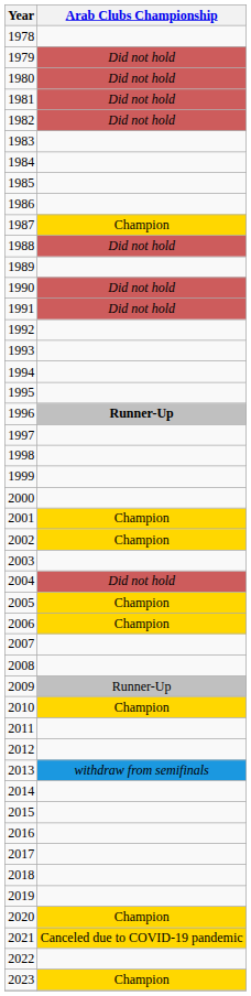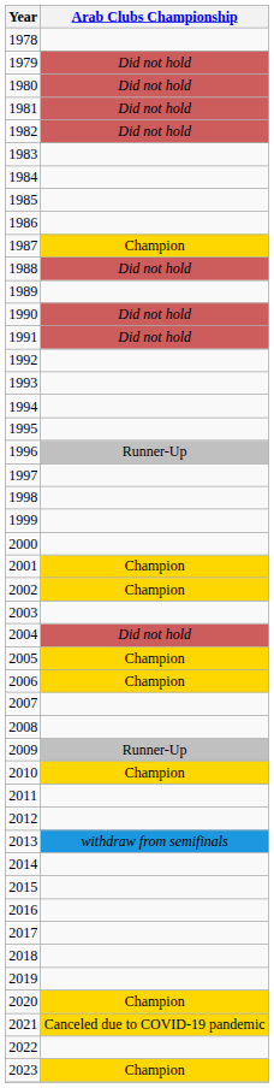 <table class="wikitable" style="text-align: center;">
 <tr>
 <th>Year</th>
 <th><a href='#'>Arab Clubs Championship</a></th>
 </tr>
 <tr>
 <td>1978</td>
 <td></td>
 </tr>
 <tr>
 <td>1979</td>
 <td bgcolor="#cd5c5c"><em>Did not hold</em></td>
 </tr>
 <tr>
 <td>1980</td>
 <td bgcolor="#cd5c5c"><em>Did not hold</em></td>
 </tr>
 <tr>
 <td>1981</td>
 <td bgcolor="#cd5c5c"><em>Did not hold</em></td>
 </tr>
 <tr>
 <td>1982</td>
 <td bgcolor="#cd5c5c"><em>Did not hold</em></td>
 </tr>
 <tr>
 <td>1983</td>
 <td></td>
 </tr>
 <tr>
 <td>1984</td>
 <td></td>
 </tr>
 <tr>
 <td>1985</td>
 <td></td>
 </tr>
 <tr>
 <td>1986</td>
 <td></td>
 </tr>
 <tr>
 <td>1987</td>
 <td bgcolor=gold>Champion</td>
 </tr>
 <tr>
 <td>1988</td>
 <td bgcolor="#cd5c5c"><em>Did not hold</em></td>
 </tr>
 <tr>
 <td>1989</td>
 <td></td>
 </tr>
 <tr>
 <td>1990</td>
 <td bgcolor="#cd5c5c"><em>Did not hold</em></td>
 </tr>
 <tr>
 <td>1991</td>
 <td bgcolor="#cd5c5c"><em>Did not hold</em></td>
 </tr>
 <tr>
 <td>1992</td>
 <td></td>
 </tr>
 <tr>
 <td>1993</td>
 <td></td>
 </tr>
 <tr>
 <td>1994</td>
 <td></td>
 </tr>
 <tr>
 <td>1995</td>
 <td></td>
 </tr>
 <tr>
 <td>1996</td>
-<td bgcolor=silver><strong>Runner-Up</strong></td>
+<td bgcolor=silver>Runner-Up</td>
 </tr>
 <tr>
 <td>1997</td>
 <td></td>
 </tr>
 <tr>
 <td>1998</td>
 <td></td>
 </tr>
 <tr>
 <td>1999</td>
 <td></td>
 </tr>
 <tr>
 <td>2000</td>
 <td></td>
 </tr>
 <tr>
 <td>2001</td>
 <td bgcolor=gold>Champion</td>
 </tr>
 <tr>
 <td>2002</td>
 <td bgcolor=gold>Champion</td>
 </tr>
 <tr>
 <td>2003</td>
 <td></td>
 </tr>
 <tr>
 <td>2004</td>
 <td bgcolor="#cd5c5c"><em>Did not hold</em></td>
 </tr>
 <tr>
 <td>2005</td>
 <td bgcolor=gold>Champion</td>
 </tr>
 <tr>
 <td>2006</td>
 <td bgcolor=gold>Champion</td>
 </tr>
 <tr>
 <td>2007</td>
 <td></td>
 </tr>
 <tr>
 <td>2008</td>
 <td></td>
 </tr>
 <tr>
 <td>2009</td>
 <td bgcolor=silver>Runner-Up</td>
 </tr>
 <tr>
 <td>2010</td>
 <td bgcolor=gold>Champion</td>
 </tr>
 <tr>
 <td>2011</td>
 <td></td>
 </tr>
 <tr>
 <td>2012</td>
 <td></td>
 </tr>
 <tr>
 <td>2013</td>
 <td bgcolor="#1B98E0"><em>withdraw from semifinals</em></td>
 </tr>
 <tr>
 <td>2014</td>
 <td></td>
 </tr>
 <tr>
 <td>2015</td>
 <td></td>
 </tr>
 <tr>
 <td>2016</td>
 <td></td>
 </tr>
 <tr>
 <td>2017</td>
 <td></td>
 </tr>
 <tr>
 <td>2018</td>
 <td></td>
 </tr>
 <tr>
 <td>2019</td>
 <td></td>
 </tr>
 <tr>
 <td>2020</td>
 <td bgcolor=gold>Champion</td>
 </tr>
 <tr>
 <td>2021</td>
 <td style="background: gold;">Canceled due to COVID-19 pandemic</td>
 </tr>
 <tr>
 <td>2022</td>
 <td></td>
 </tr>
 <tr>
 <td>2023</td>
 <td bgcolor=gold>Champion</td>
 </tr>
 <tr>
 </tr>
 </table>
